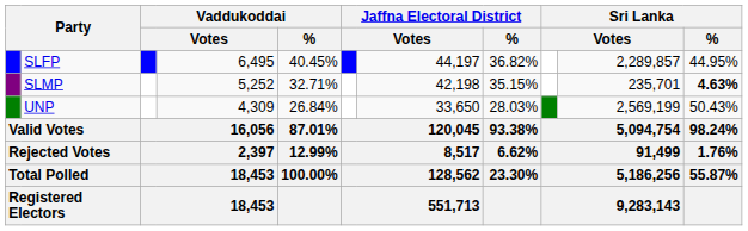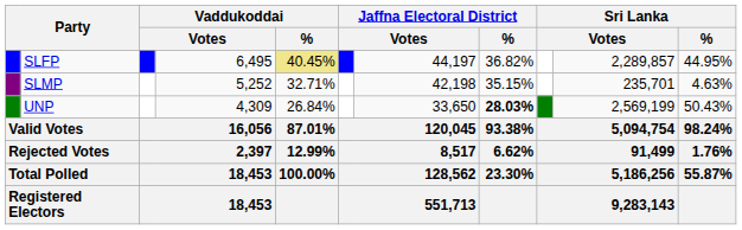 <table class="wikitable">
 <tr>
 <th colspan="2" width="144px"rowspan="2">Party</th>
 <th colspan="3" width="216px">Vaddukoddai</th>
 <th colspan="3" width="216px"><a href='#'>Jaffna Electoral District</a></th>
 <th colspan="3" width="216px">Sri Lanka</th>
 </tr>
 <tr>
 <th colspan="2" width="144px">Votes</th>
 <th>%</th>
 <th colspan="2" width="144px">Votes</th>
 <th>%</th>
 <th colspan="2" width="144px">Votes</th>
 <th>%</th>
 </tr>
 <tr>
 <td style="background-color:blue;" width="10px"></td>
 <td style="text-align:left;"><a href='#'>SLFP</a></td>
 <td style="background-color:blue;" width="10px"></td>
 <td style="text-align:right;">6,495</td>
-<td style="text-align:right;">40.45%</td>
+<td style="background: khaki; text-align:right;">40.45%</td>
 <td style="background-color:blue;" width="10px"></td>
 <td style="text-align:right;">44,197</td>
 <td style="text-align:right;">36.82%</td>
 <td style="background-color:white;" width="10px"></td>
 <td style="text-align:right;">2,289,857</td>
 <td style="text-align:right;">44.95%</td>
 </tr>
 <tr>
 <td style="background-color:purple;" width="10px"></td>
 <td style="text-align:left;"><a href='#'>SLMP</a></td>
 <td style="background-color:white;" width="10px"></td>
 <td style="text-align:right;">5,252</td>
 <td style="text-align:right;">32.71%</td>
 <td style="background-color:white;" width="10px"></td>
 <td style="text-align:right;">42,198</td>
 <td style="text-align:right;">35.15%</td>
 <td style="background-color:white;" width="10px"></td>
 <td style="text-align:right;">235,701</td>
-<td style="text-align:right;"><strong>4.63%</strong></td>
+<td style="text-align:right;">4.63%</td>
 </tr>
 <tr>
 <td style="background-color:green;" width="10px"></td>
 <td style="text-align:left;"><a href='#'>UNP</a></td>
 <td style="background-color:white;" width="10px"></td>
 <td style="text-align:right;">4,309</td>
 <td style="text-align:right;">26.84%</td>
 <td style="background-color:white;" width="10px"></td>
 <td style="text-align:right;">33,650</td>
-<td style="text-align:right;">28.03%</td>
+<td style="text-align:right;"><strong>28.03%</strong></td>
 <td style="background-color:green;" width="10px"></td>
 <td style="text-align:right;">2,569,199</td>
 <td style="text-align:right;">50.43%</td>
 </tr>
 <tr>
 <th colspan="2" width="144px"style="text-align:left;">Valid Votes</th>
 <th style="text-align:right;"colspan="2" width="144px">16,056</th>
 <th style="text-align:right;">87.01%</th>
 <th style="text-align:right;"colspan="2" width="144px">120,045</th>
 <th style="text-align:right;">93.38%</th>
 <th style="text-align:right;"colspan="2" width="144px">5,094,754</th>
 <th style="text-align:right;">98.24%</th>
 </tr>
 <tr>
 <th colspan="2" width="144px"style="text-align:left;">Rejected Votes</th>
 <th style="text-align:right;"colspan="2" width="144px">2,397</th>
 <th style="text-align:right;">12.99%</th>
 <th style="text-align:right;"colspan="2" width="144px">8,517</th>
 <th style="text-align:right;">6.62%</th>
 <th style="text-align:right;"colspan="2" width="144px">91,499</th>
 <th style="text-align:right;">1.76%</th>
 </tr>
 <tr>
 <th colspan="2" width="144px"style="text-align:left;">Total Polled</th>
 <th style="text-align:right;"colspan="2" width="144px">18,453</th>
 <th style="text-align:right;">100.00%</th>
 <th style="text-align:right;"colspan="2" width="144px">128,562</th>
 <th style="text-align:right;">23.30%</th>
 <th style="text-align:right;"colspan="2" width="144px">5,186,256</th>
 <th style="text-align:right;">55.87%</th>
 </tr>
 <tr>
 <th colspan="2" width="144px"style="text-align:left;">Registered Electors</th>
 <th style="text-align:right;"colspan="2" width="144px">18,453</th>
 <th></th>
 <th style="text-align:right;"colspan="2" width="144px">551,713</th>
 <th></th>
 <th style="text-align:right;"colspan="2" width="144px">9,283,143</th>
 <th></th>
 </tr>
 </table>
